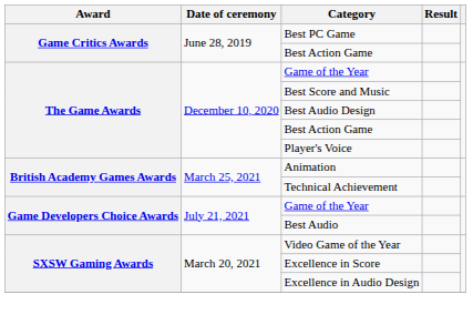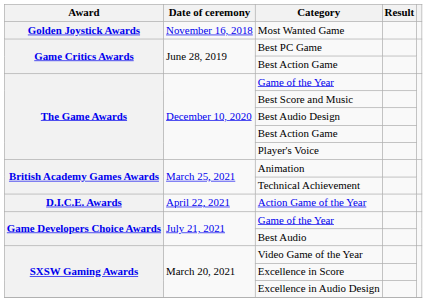 <table class="wikitable plainrowheaders sortable" width="auto">
 <tr>
 <th scope="col">Award</th>
 <th scope="col">Date of ceremony</th>
 <th scope="col">Category</th>
 <th scope="col">Result</th>
 <th scope="col" class="unsortable"></th>
+</tr>
+<tr>
+<th scope="row"><a href='#'>Golden Joystick Awards</a></th>
+<td><a href='#'>November 16, 2018</a></td>
+<td>Most Wanted Game</td>
+<td></td>
+<td style="text-align:center;"></td>
 </tr>
 <tr>
 <th scope="row" rowspan=2><a href='#'>Game Critics Awards</a></th>
 <td rowspan=2>June 28, 2019</td>
 <td>Best PC Game</td>
 <td></td>
 <td rowspan="2" style="text-align:center;"></td>
 </tr>
 <tr>
 <td>Best Action Game</td>
 <td></td>
 </tr>
 <tr>
 <th scope="row" rowspan=5><a href='#'>The Game Awards</a></th>
 <td rowspan="5"><a href='#'>December 10, 2020</a></td>
 <td><a href='#'>Game of the Year</a></td>
 <td></td>
 <td rowspan="5" style="text-align:center;"></td>
 </tr>
 <tr>
 <td>Best Score and Music</td>
 <td></td>
 </tr>
 <tr>
 <td>Best Audio Design</td>
 <td></td>
 </tr>
 <tr>
 <td>Best Action Game</td>
 <td></td>
 </tr>
 <tr>
 <td>Player's Voice</td>
 <td></td>
 </tr>
 <tr>
 <th scope="row" rowspan=2><a href='#'>British Academy Games Awards</a></th>
 <td rowspan="2"><a href='#'>March 25, 2021</a></td>
 <td>Animation</td>
 <td></td>
 <td rowspan="2" style="text-align:center;"></td>
 </tr>
 <tr>
 <td>Technical Achievement</td>
 <td></td>
 </tr>
 <tr>
+<th scope="row"><a href='#'>D.I.C.E. Awards</a></th>
+<td><a href='#'>April 22, 2021</a></td>
+<td><a href='#'>Action Game of the Year</a></td>
+<td></td>
+<td style="text-align:center;"></td>
+</tr>
+<tr>
 <th scope="row" rowspan=2><a href='#'>Game Developers Choice Awards</a></th>
 <td rowspan="2"><a href='#'>July 21, 2021</a></td>
 <td><a href='#'>Game of the Year</a></td>
 <td></td>
 <td rowspan="2" style="text-align:center;"></td>
 </tr>
 <tr>
 <td>Best Audio</td>
 <td></td>
 </tr>
 <tr>
 <th scope="row" rowspan="3"><a href='#'>SXSW Gaming Awards</a></th>
 <td rowspan="3">March 20, 2021</td>
 <td>Video Game of the Year</td>
 <td></td>
 <td style="text-align:center;" rowspan="3"></td>
 </tr>
 <tr>
 <td>Excellence in Score</td>
 <td></td>
 </tr>
 <tr>
 <td>Excellence in Audio Design</td>
 <td></td>
 </tr>
 <tr>
 </tr>
 </table>
